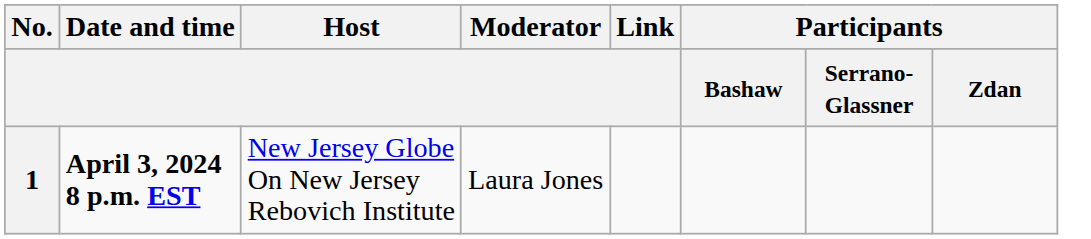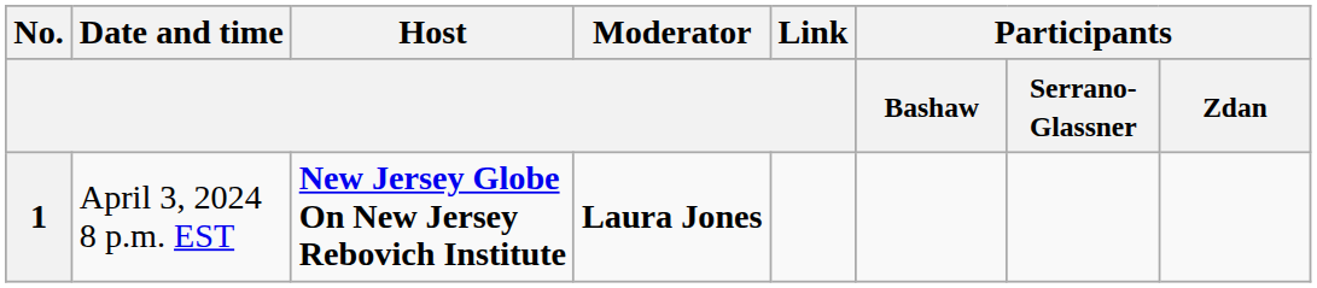 <table class="wikitable" text-align:center;">
 <tr>
 <th style="white-space:nowrap;">No.</th>
 <th>Date and time</th>
 <th>Host</th>
 <th>Moderator</th>
 <th>Link</th>
 <th scope="col" colspan="10">Participants</th>
 </tr>
 <tr>
 <th colspan="5"><br></th>
 <th scope="col" style="width:4em;"><small>Bashaw</small></th>
 <th scope="col" style="width:4em;"><small>Serrano-<br>Glassner</small></th>
 <th scope="col" style="width:4em;"><small>Zdan</small></th>
 </tr>
 <tr>
 <th>1</th>
-<td style="white-space:nowrap;"><strong>April 3, 2024<br>8 p.m. <a href='#'>EST</a></strong></td>
-<td style="white-space:nowrap;"><a href='#'>New Jersey Globe</a><br>On New Jersey<br>Rebovich Institute</td>
-<td style="white-space:nowrap;">Laura Jones</td>
+<td style="white-space:nowrap;">April 3, 2024<br>8 p.m. <a href='#'>EST</a></td>
+<td style="white-space:nowrap;"><strong><a href='#'>New Jersey Globe</a><br>On New Jersey<br>Rebovich Institute</strong></td>
+<td style="white-space:nowrap;"><strong>Laura Jones</strong></td>
 <td style="white-space:nowrap;"></td>
 <td></td>
 <td></td>
 <td></td>
 </tr>
 </table>
